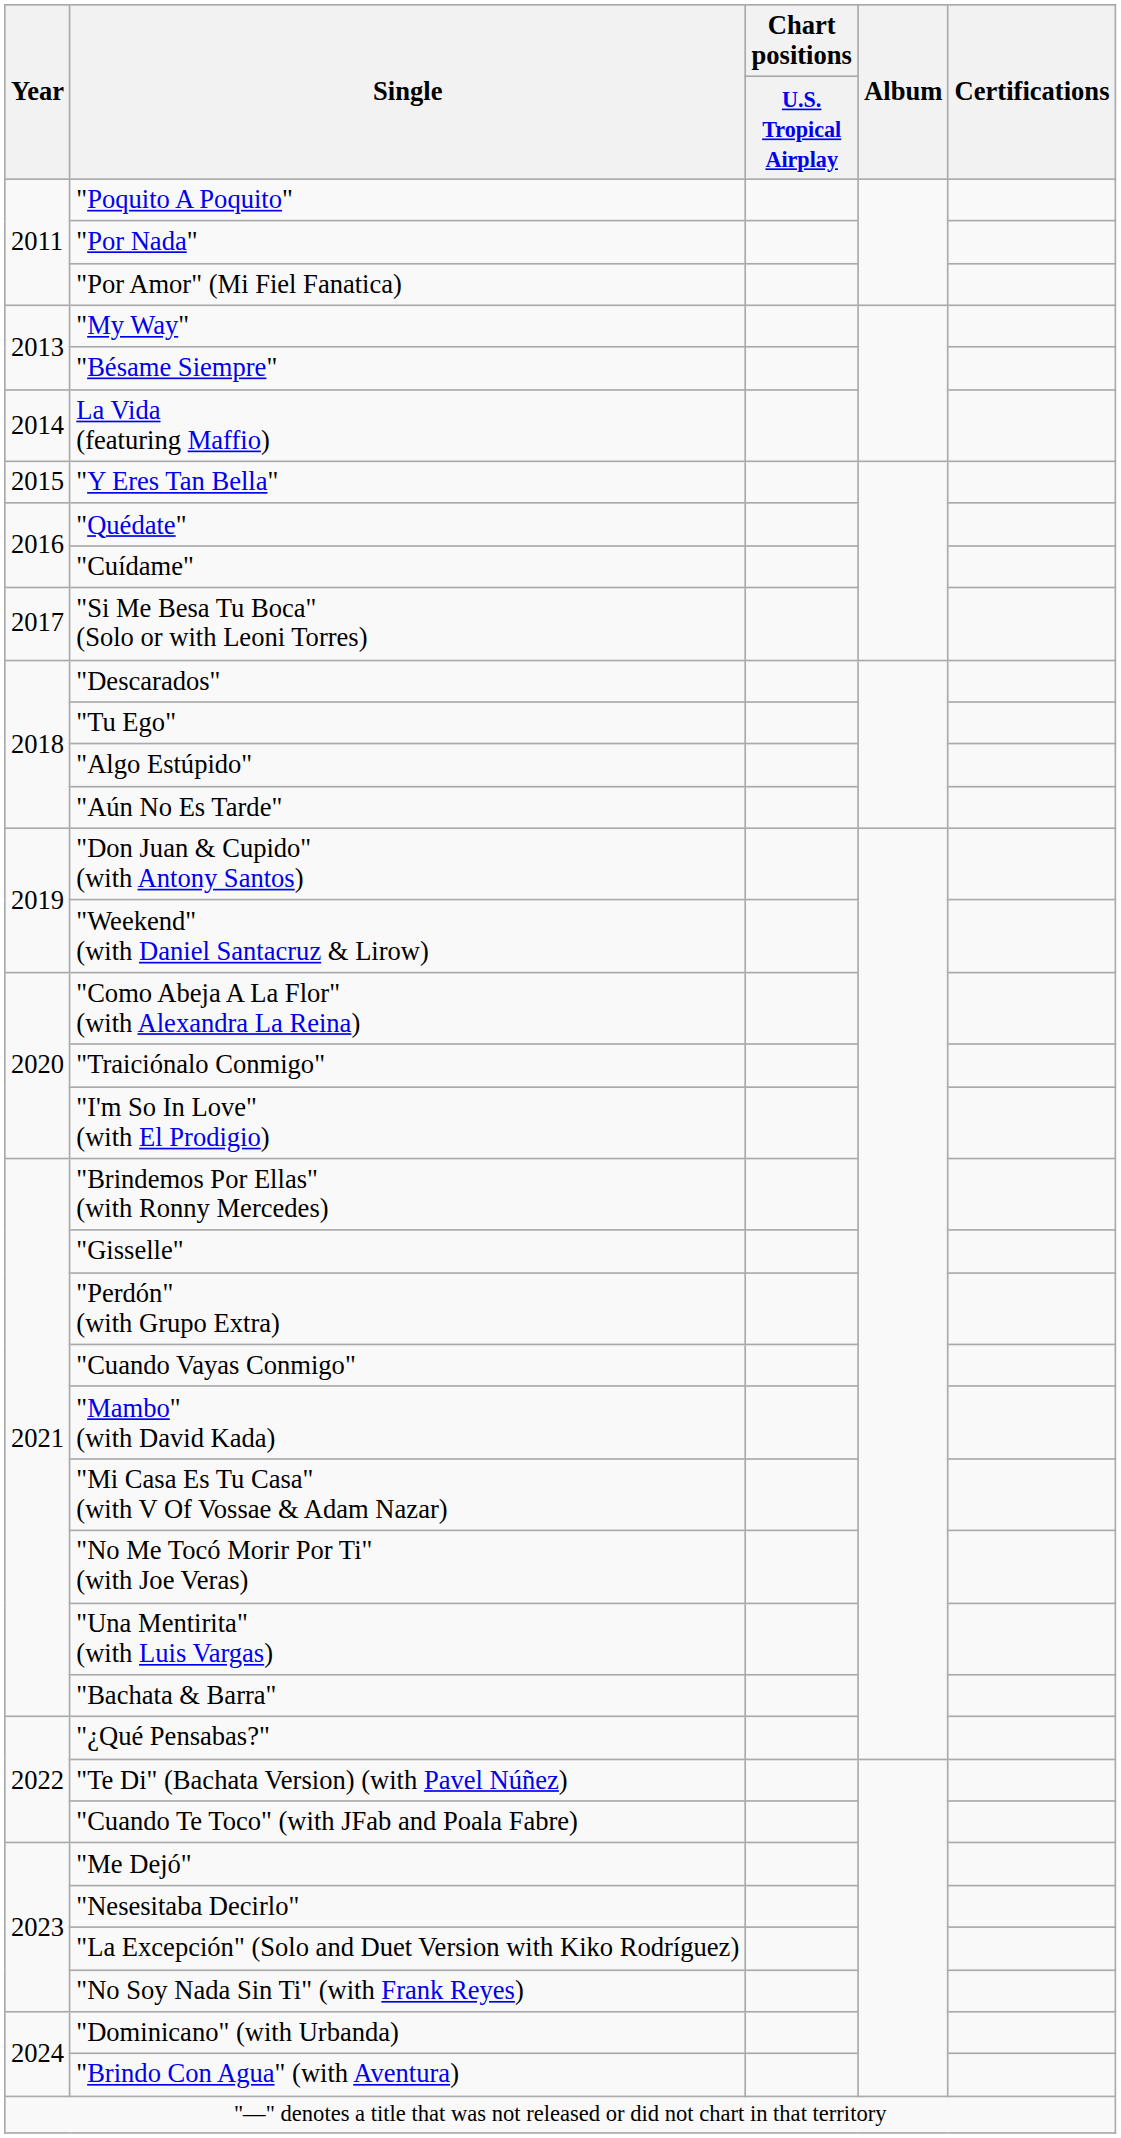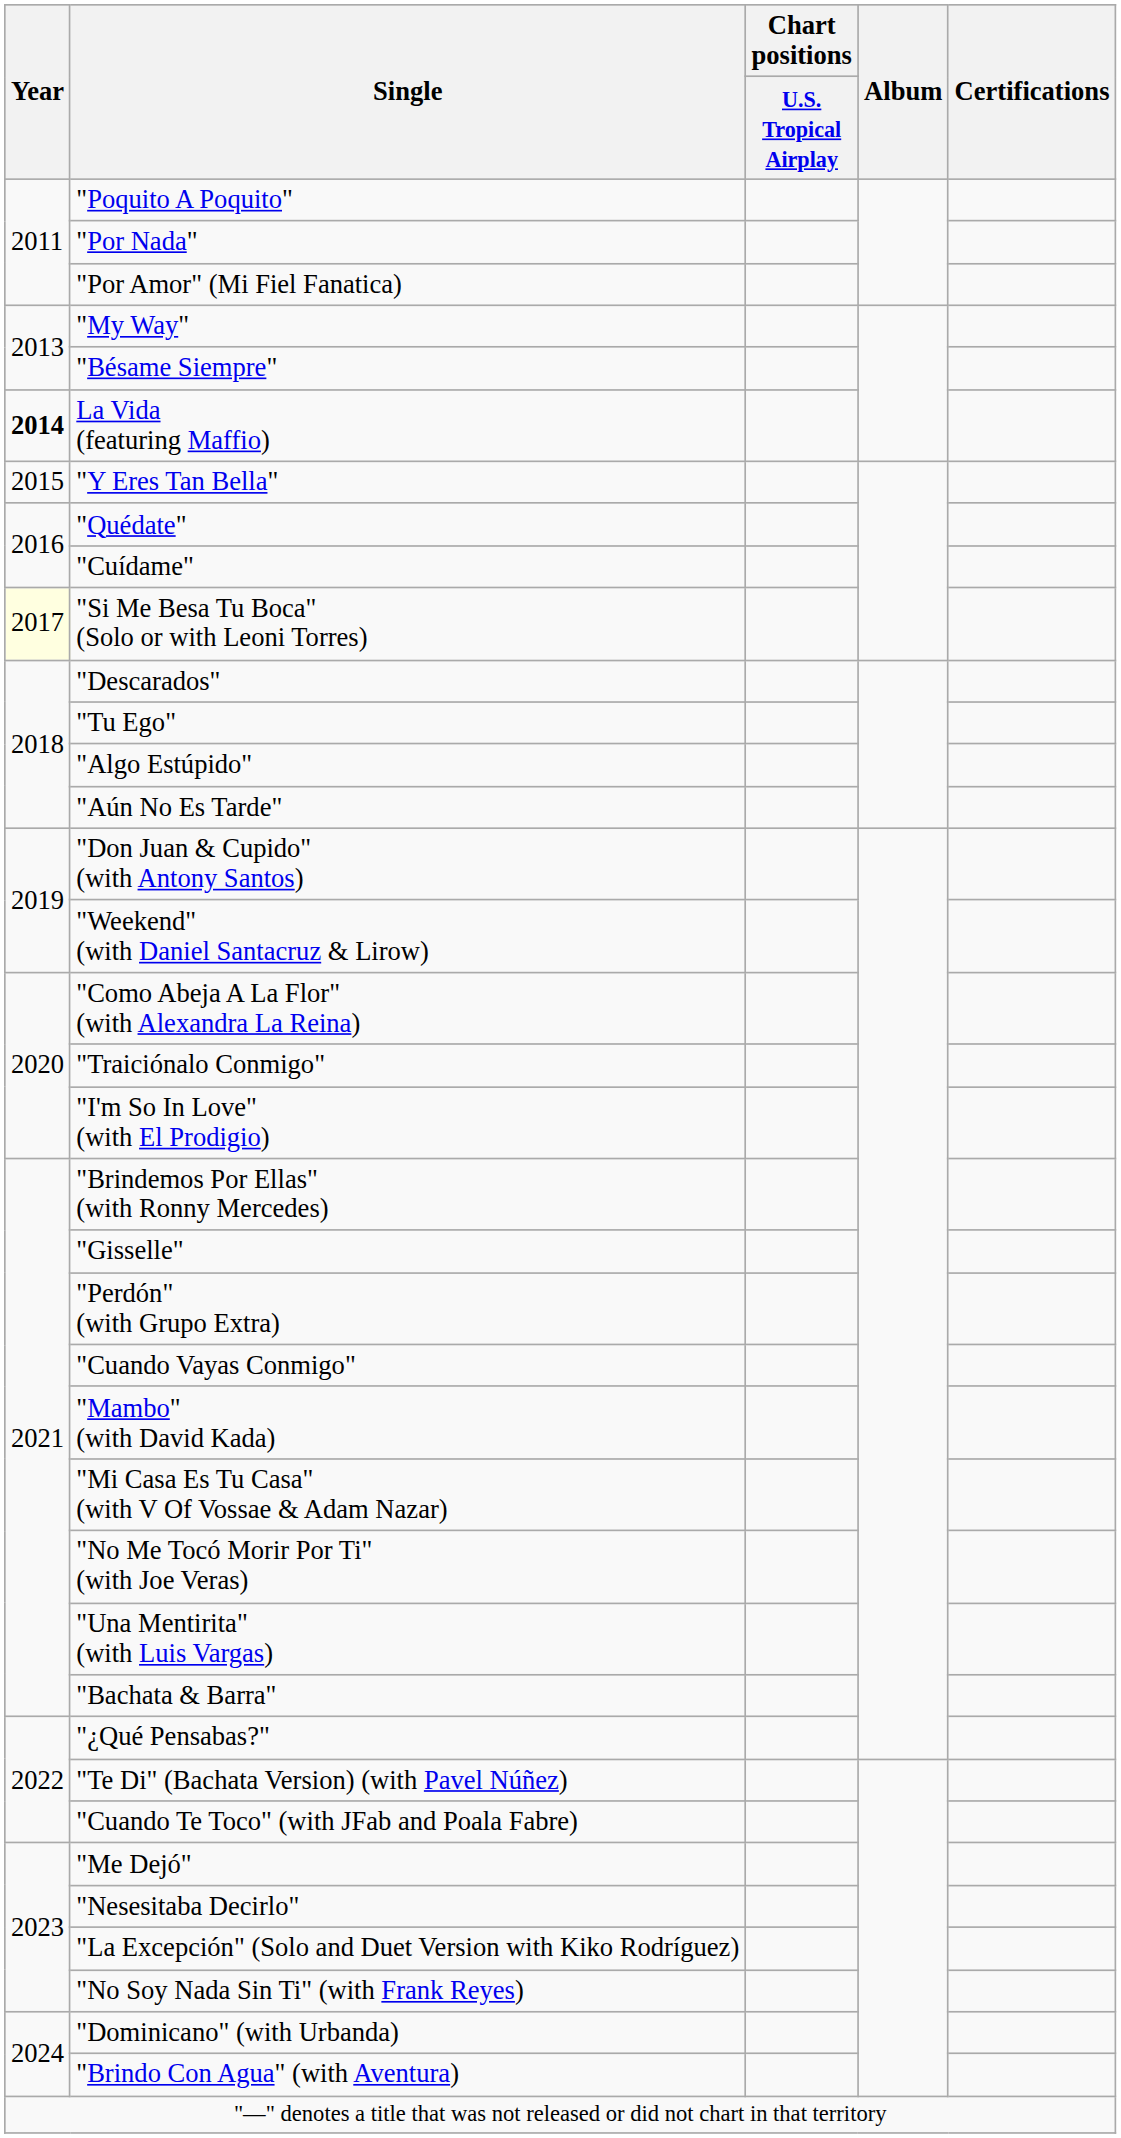 <table class="wikitable">
 <tr>
 <th rowspan="2">Year</th>
 <th rowspan="2">Single</th>
 <th colspan="1">Chart positions</th>
 <th rowspan="2">Album</th>
 <th rowspan="2">Certifications</th>
 </tr>
 <tr>
 <th width="35"><small><a href='#'>U.S. Tropical Airplay</a></small><br></th>
 </tr>
 <tr>
 <td align="left"rowspan="3">2011</td>
 <td>"<a href='#'>Poquito A Poquito</a>"</td>
 <td></td>
 <td align="left"rowspan="3"></td>
 <td></td>
 </tr>
 <tr>
 <td>"<a href='#'>Por Nada</a>"</td>
 <td></td>
 <td></td>
 </tr>
 <tr>
 <td>"Por Amor" (Mi Fiel Fanatica)</td>
 <td></td>
 <td></td>
 </tr>
 <tr>
 <td align="left" rowspan="2">2013</td>
 <td>"<a href='#'>My Way</a>"</td>
 <td></td>
 <td align="left" rowspan="3"></td>
 <td></td>
 </tr>
 <tr>
 <td>"<a href='#'>Bésame Siempre</a>"</td>
 <td></td>
 <td></td>
 </tr>
 <tr>
-<td align="left">2014</td>
+<td align="left"><strong>2014</strong></td>
 <td><a href='#'>La Vida</a> <br><span>(featuring <a href='#'>Maffio</a>)</span></td>
 <td></td>
 <td></td>
 </tr>
 <tr>
 <td align="left">2015</td>
 <td>"<a href='#'>Y Eres Tan Bella</a>"</td>
 <td></td>
 <td align="left" rowspan="4"></td>
 <td></td>
 </tr>
 <tr>
 <td align="left" rowspan="2">2016</td>
 <td>"<a href='#'>Quédate</a>"</td>
 <td></td>
 <td></td>
 </tr>
 <tr>
 <td>"Cuídame"</td>
 <td></td>
 <td></td>
 </tr>
 <tr>
-<td align="left">2017</td>
+<td align="left" style="background: lightyellow;">2017</td>
 <td>"Si Me Besa Tu Boca" <br><span>(Solo or with Leoni Torres)</span></td>
 <td></td>
 <td></td>
 </tr>
 <tr>
 <td align="left" rowspan="4">2018</td>
 <td>"Descarados"</td>
 <td></td>
 <td align="left" rowspan="4"></td>
 <td></td>
 </tr>
 <tr>
 <td>"Tu Ego"</td>
 <td></td>
 <td></td>
 </tr>
 <tr>
 <td>"Algo Estúpido"</td>
 <td></td>
 <td></td>
 </tr>
 <tr>
 <td>"Aún No Es Tarde"</td>
 <td></td>
 <td></td>
 </tr>
 <tr>
 <td align="left" rowspan="2">2019</td>
 <td>"Don Juan & Cupido" <br><span>(with <a href='#'>Antony Santos</a>)</span></td>
 <td></td>
 <td align="left" rowspan="15"></td>
 <td></td>
 </tr>
 <tr>
 <td>"Weekend" <br><span>(with <a href='#'>Daniel Santacruz</a> & Lirow)</span></td>
 <td></td>
 <td></td>
 </tr>
 <tr>
 <td align="left" rowspan="3">2020</td>
 <td>"Como Abeja A La Flor" <br><span>(with <a href='#'>Alexandra La Reina</a>)</span></td>
 <td></td>
 <td></td>
 </tr>
 <tr>
 <td>"Traiciónalo Conmigo"</td>
 <td></td>
 <td></td>
 </tr>
 <tr>
 <td>"I'm So In Love" <br><span>(with <a href='#'>El Prodigio</a>)</span></td>
 <td></td>
 <td></td>
 </tr>
 <tr>
 <td align="left" rowspan="9">2021</td>
 <td>"Brindemos Por Ellas" <br><span>(with Ronny Mercedes)</span></td>
 <td></td>
 <td></td>
 </tr>
 <tr>
 <td>"Gisselle"</td>
 <td></td>
 <td></td>
 </tr>
 <tr>
 <td>"Perdón" <br><span>(with Grupo Extra)</span></td>
 <td></td>
 <td></td>
 </tr>
 <tr>
 <td>"Cuando Vayas Conmigo"</td>
 <td></td>
 <td></td>
 </tr>
 <tr>
 <td>"<a href='#'>Mambo</a>" <br><span>(with David Kada)</span></td>
 <td></td>
 <td></td>
 </tr>
 <tr>
 <td>"Mi Casa Es Tu Casa" <br><span>(with V Of Vossae & Adam Nazar)</span></td>
 <td></td>
 <td></td>
 </tr>
 <tr>
 <td>"No Me Tocó Morir Por Ti" <br><span>(with Joe Veras)</span></td>
 <td></td>
 <td></td>
 </tr>
 <tr>
 <td>"Una Mentirita" <br><span>(with <a href='#'>Luis Vargas</a>)</span></td>
 <td></td>
 <td></td>
 </tr>
 <tr>
 <td>"Bachata & Barra"</td>
 <td></td>
 <td></td>
 </tr>
 <tr>
 <td align="left" rowspan="3">2022</td>
 <td>"¿Qué Pensabas?"</td>
 <td></td>
 <td></td>
 </tr>
 <tr>
 <td>"Te Di" <span>(Bachata Version) (with <a href='#'>Pavel Núñez</a>)</span></td>
 <td></td>
 <td rowspan="8"></td>
 <td></td>
 </tr>
 <tr>
 <td>"Cuando Te Toco" <span>(with JFab and Poala Fabre)</span></td>
 <td></td>
 <td></td>
 </tr>
 <tr>
 <td align="left" rowspan="4">2023</td>
 <td>"Me Dejó"</td>
 <td></td>
 <td></td>
 </tr>
 <tr>
 <td>"Nesesitaba Decirlo"</td>
 <td></td>
 <td></td>
 </tr>
 <tr>
 <td>"La Excepción" <span>(Solo and Duet Version with Kiko Rodríguez)</span></td>
 <td></td>
 <td></td>
 </tr>
 <tr>
 <td>"No Soy Nada Sin Ti" <span>(with <a href='#'>Frank Reyes</a>)</span></td>
 <td></td>
 <td></td>
 </tr>
 <tr>
 <td align="left" rowspan="2">2024</td>
 <td>"Dominicano" <span>(with Urbanda)</span></td>
 <td></td>
 <td></td>
 </tr>
 <tr>
 <td>"<a href='#'>Brindo Con Agua</a>" <span>(with <a href='#'>Aventura</a>)</span></td>
 <td></td>
 <td></td>
 </tr>
 <tr>
 <td colspan="14" style="text-align:center; font-size:85%">"—" denotes a title that was not released or did not chart in that territory</td>
 </tr>
 </table>
